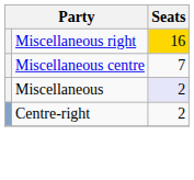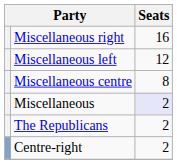 <table class=wikitable>
 <tr>
 <th colspan=2>Party</th>
 <th>Seats</th>
 </tr>
 <tr>
 <th style="background-color: "></th>
 <td><a href='#'>Miscellaneous right</a></td>
-<td align="right" style="background: gold;">16</td>
+<td align="right">16</td>
+</tr>
+<tr>
+<th style="background-color: "></th>
+<td><a href='#'>Miscellaneous left</a></td>
+<td align="right">12</td>
 </tr>
 <tr>
 <th style="background-color: "></th>
 <td><a href='#'>Miscellaneous centre</a></td>
-<td align="right">7</td>
+<td align="right">8</td>
 </tr>
 <tr>
 <th style="background-color: "></th>
 <td>Miscellaneous</td>
 <td align="right" style="background: lavender;">2</td>
+</tr>
+<tr>
+<th style="background-color: "></th>
+<td><a href='#'>The Republicans</a></td>
+<td align="right">2</td>
 </tr>
 <tr>
 <th style="background-color: #82A2C6"></th>
 <td>Centre-right</td>
 <td align="right">2</td>
 </tr>
 <tr>
 </tr>
 </table>
